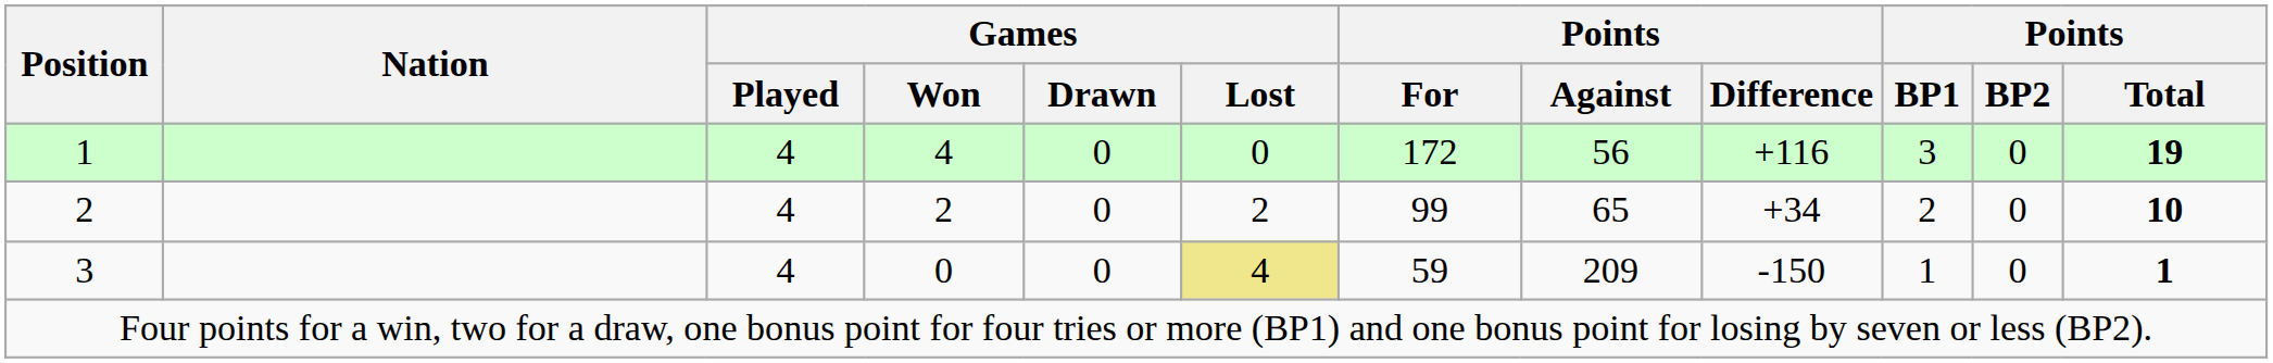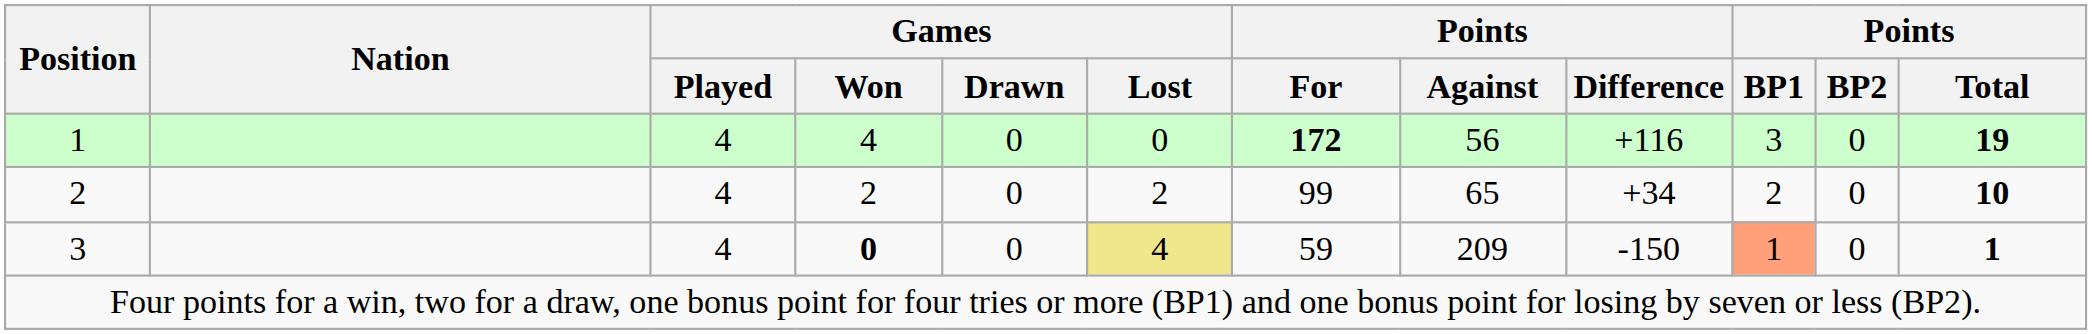 <table class="wikitable" style="text-align:center">
 <tr>
 <th rowspan="2" style="width:7%;">Position</th>
 <th rowspan="2" style="width:24%;">Nation</th>
 <th colspan="4" style="width:30%;">Games</th>
 <th colspan="3" style="width:32%;">Points</th>
 <th colspan="4" style="width:18%;">Points</th>
 </tr>
 <tr>
 <th style="width:7%;">Played</th>
 <th style="width:7%;">Won</th>
 <th style="width:7%;">Drawn</th>
 <th style="width:7%;">Lost</th>
 <th style="width:8%;">For</th>
 <th style="width:8%;">Against</th>
 <th style="width:8%;">Difference</th>
 <th style="width:4%;">BP1</th>
 <th style="width:4%;">BP2</th>
 <th style="width:10%;">Total</th>
 </tr>
 <tr bgcolor="#ccffcc">
 <td>1</td>
 <td align="left"></td>
 <td>4</td>
 <td>4</td>
 <td>0</td>
 <td>0</td>
-<td>172</td>
+<td><strong>172</strong></td>
 <td>56</td>
 <td>+116</td>
 <td>3</td>
 <td>0</td>
 <td><strong>19</strong></td>
 </tr>
 <tr>
 <td>2</td>
 <td align="left"></td>
 <td>4</td>
 <td>2</td>
 <td>0</td>
 <td>2</td>
 <td>99</td>
 <td>65</td>
 <td>+34</td>
 <td>2</td>
 <td>0</td>
 <td><strong>10</strong></td>
 </tr>
 <tr>
 <td>3</td>
 <td align="left"></td>
 <td>4</td>
-<td>0</td>
+<td><strong>0</strong></td>
 <td>0</td>
 <td style="background: khaki;">4</td>
 <td>59</td>
 <td>209</td>
 <td>-150</td>
-<td>1</td>
+<td style="background: lightsalmon;">1</td>
 <td>0</td>
 <td><strong>1</strong></td>
 </tr>
 <tr>
 <td colspan="100%" style="text-align:center;">Four points for a win, two for a draw, one bonus point for four tries or more (BP1) and one bonus point for losing by seven or less (BP2).</td>
 </tr>
 </table>
